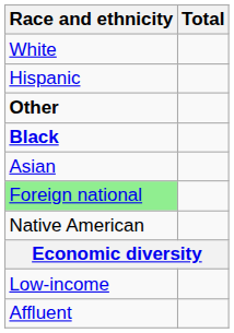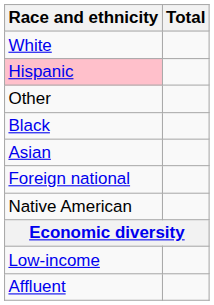 <table class="wikitable floatright sortable collapsible"; text-align:right; font-size:80%;">
 <tr>
 <th>Race and ethnicity</th>
 <th colspan="2" data-sort-type=number>Total</th>
 </tr>
 <tr>
 <td><a href='#'>White</a></td>
 <td align=right></td>
 </tr>
 <tr>
-<td><a href='#'>Hispanic</a></td>
+<td style="background: pink;"><a href='#'>Hispanic</a></td>
 <td align=right></td>
 </tr>
 <tr>
-<td><strong>Other</strong></td>
+<td>Other</td>
 <td align=right></td>
 </tr>
 <tr>
-<td><strong><a href='#'>Black</a></strong></td>
+<td><a href='#'>Black</a></td>
 <td align=right></td>
 </tr>
 <tr>
 <td><a href='#'>Asian</a></td>
 <td align=right></td>
 </tr>
 <tr>
-<td style="background: lightgreen;"><a href='#'>Foreign national</a></td>
+<td><a href='#'>Foreign national</a></td>
 <td align=right></td>
 </tr>
 <tr>
 <td>Native American</td>
 <td align=right></td>
 </tr>
 <tr>
 <th colspan="4" data-sort-type=number><a href='#'>Economic diversity</a></th>
 </tr>
 <tr>
 <td><a href='#'>Low-income</a></td>
 <td align=right></td>
 </tr>
 <tr>
 <td><a href='#'>Affluent</a></td>
 <td align=right></td>
 </tr>
 </table>
